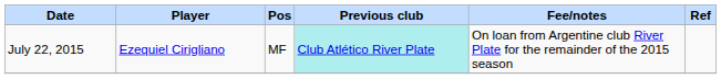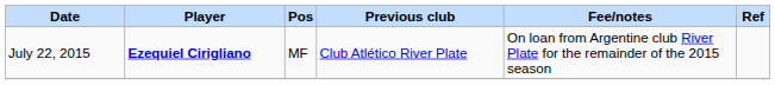 <table class="wikitable" style="text-align:left; font-size:95%;">
 <tr>
 <th style="background:#c2ddff; width:125px;">Date</th>
 <th style="background:#c2ddff; width:170px;">Player</th>
 <th style="background:#c2ddff; width:25px;">Pos</th>
 <th style="background:#c2ddff; width:200px;">Previous club</th>
 <th style="background:#c2ddff; width:250px;">Fee/notes</th>
 <th style="background:#c2ddff; width:30px;">Ref</th>
 </tr>
 <tr>
 <td>July 22, 2015</td>
-<td> <a href='#'>Ezequiel Cirigliano</a></td>
+<td><strong> <a href='#'>Ezequiel Cirigliano</a></strong></td>
 <td>MF</td>
-<td style="background: paleturquoise;"> <a href='#'>Club Atlético River Plate</a></td>
+<td> <a href='#'>Club Atlético River Plate</a></td>
 <td>On loan from Argentine club <a href='#'>River Plate</a> for the remainder of the 2015 season</td>
 <td></td>
 </tr>
 <tr>
 </tr>
 </table>
